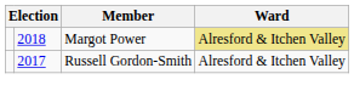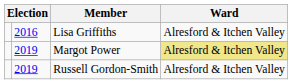 <table class="wikitable">
 <tr>
 <th colspan="2">Election</th>
 <th>Member</th>
 <th>Ward</th>
 </tr>
 <tr>
 <td style="background-color: "></td>
-<td><a href='#'>2018</a></td>
+<td><a href='#'>2016</a></td>
+<td>Lisa Griffiths</td>
+<td>Alresford & Itchen Valley</td>
+</tr>
+<tr>
+<td style="background-color: "></td>
+<td><a href='#'>2019</a></td>
 <td>Margot Power</td>
 <td style="background: khaki;">Alresford & Itchen Valley</td>
 </tr>
 <tr>
 <td style="background-color: "></td>
-<td><a href='#'>2017</a></td>
+<td><a href='#'>2019</a></td>
 <td>Russell Gordon-Smith</td>
 <td>Alresford & Itchen Valley</td>
 </tr>
 </table>
